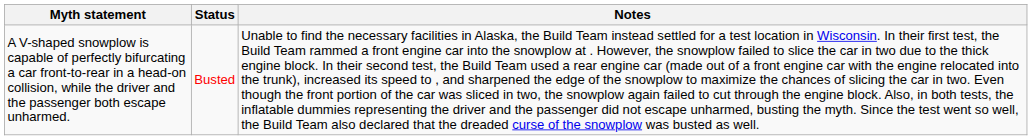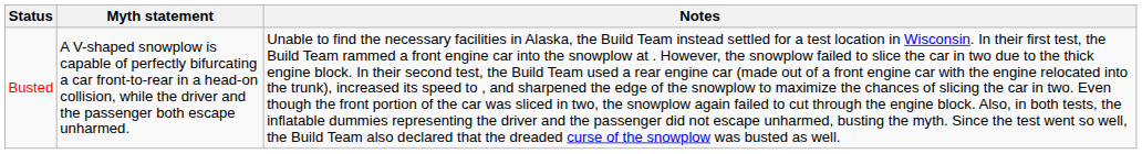 <table class="wikitable plainrowheaders">
 <tr>
+<th>Status</th>
 <th>Myth statement</th>
-<th>Status</th>
 <th>Notes</th>
 </tr>
 <tr>
+<td style="color:red">Busted</td>
 <td>A V-shaped snowplow is capable of perfectly bifurcating a car front-to-rear in a head-on collision, while the driver and the passenger both escape unharmed.</td>
-<td style="color:red">Busted</td>
 <td>Unable to find the necessary facilities in Alaska, the Build Team instead settled for a test location in <a href='#'>Wisconsin</a>. In their first test, the Build Team rammed a front engine car into the snowplow at . However, the snowplow failed to slice the car in two due to the thick engine block. In their second test, the Build Team used a rear engine car (made out of a front engine car with the engine relocated into the trunk), increased its speed to , and sharpened the edge of the snowplow to maximize the chances of slicing the car in two. Even though the front portion of the car was sliced in two, the snowplow again failed to cut through the engine block. Also, in both tests, the inflatable dummies representing the driver and the passenger did not escape unharmed, busting the myth. Since the test went so well, the Build Team also declared that the dreaded <a href='#'>curse of the snowplow</a> was busted as well.</td>
 </tr>
 </table>
